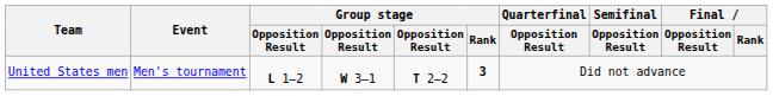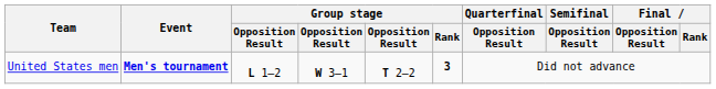 <table class=wikitable style=font-size:90%;text-align:center>
 <tr>
 <th rowspan=2>Team</th>
 <th rowspan=2>Event</th>
 <th colspan=4>Group stage</th>
 <th>Quarterfinal</th>
 <th>Semifinal</th>
 <th colspan=2>Final / </th>
 </tr>
 <tr style=font-size:95%>
 <th>Opposition<br>Result</th>
 <th>Opposition<br>Result</th>
 <th>Opposition<br>Result</th>
 <th>Rank</th>
 <th>Opposition<br>Result</th>
 <th>Opposition<br>Result</th>
 <th>Opposition<br>Result</th>
 <th>Rank</th>
 </tr>
 <tr>
 <td align=left><a href='#'>United States men</a></td>
-<td align=left><a href='#'>Men's tournament</a></td>
+<td align=left><strong><a href='#'>Men's tournament</a></strong></td>
 <td><br><strong>L</strong> 1–2</td>
 <td><br><strong>W</strong> 3–1</td>
 <td><br><strong>T</strong> 2–2</td>
 <td><strong>3</strong></td>
 <td colspan=4>Did not advance</td>
 </tr>
 </table>
